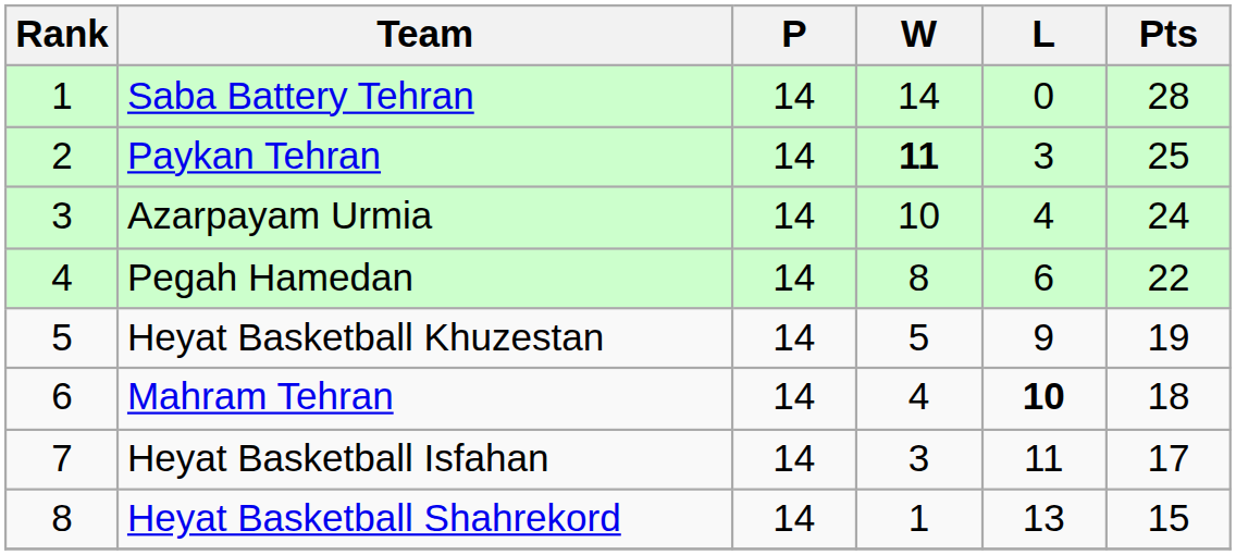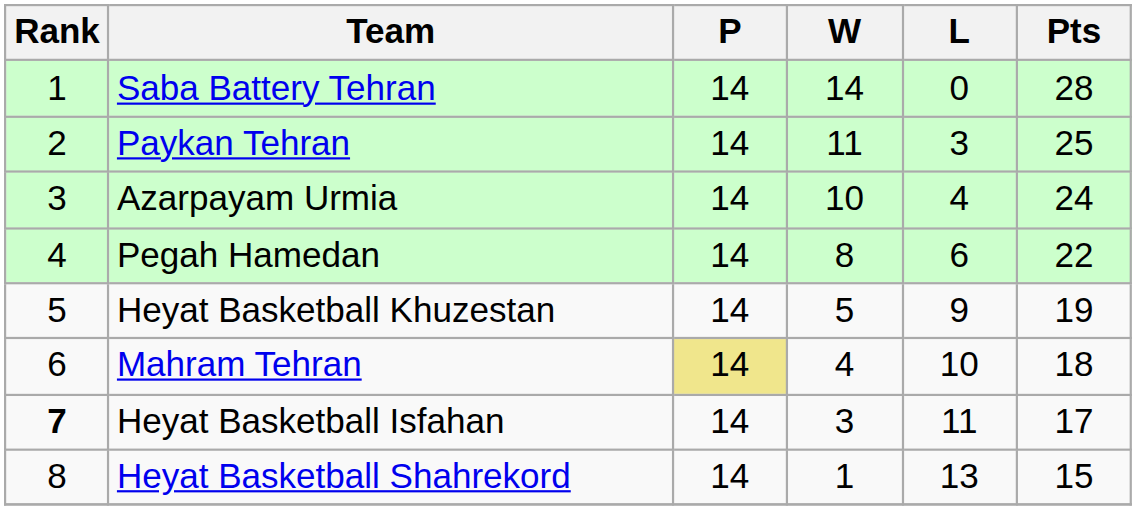 <table class="wikitable" style="text-align: center;">
 <tr>
 <th width=40>Rank</th>
 <th width=250>Team</th>
 <th width=45>P</th>
 <th width=45>W</th>
 <th width=45>L</th>
 <th width=45>Pts</th>
 </tr>
 <tr bgcolor=ccffcc>
 <td>1</td>
 <td align="left"><a href='#'>Saba Battery Tehran</a></td>
 <td>14</td>
 <td>14</td>
 <td>0</td>
 <td>28</td>
 </tr>
 <tr bgcolor=ccffcc>
 <td>2</td>
 <td align="left"><a href='#'>Paykan Tehran</a></td>
 <td>14</td>
-<td><strong>11</strong></td>
+<td>11</td>
 <td>3</td>
 <td>25</td>
 </tr>
 <tr bgcolor=ccffcc>
 <td>3</td>
 <td align="left">Azarpayam Urmia</td>
 <td>14</td>
 <td>10</td>
 <td>4</td>
 <td>24</td>
 </tr>
 <tr bgcolor=ccffcc>
 <td>4</td>
 <td align="left">Pegah Hamedan</td>
 <td>14</td>
 <td>8</td>
 <td>6</td>
 <td>22</td>
 </tr>
 <tr>
 <td>5</td>
 <td align="left">Heyat Basketball Khuzestan</td>
 <td>14</td>
 <td>5</td>
 <td>9</td>
 <td>19</td>
 </tr>
 <tr>
 <td>6</td>
 <td align="left"><a href='#'>Mahram Tehran</a></td>
-<td>14</td>
+<td style="background: khaki;">14</td>
 <td>4</td>
-<td><strong>10</strong></td>
+<td>10</td>
 <td>18</td>
 </tr>
 <tr>
-<td>7</td>
+<td><strong>7</strong></td>
 <td align="left">Heyat Basketball Isfahan</td>
 <td>14</td>
 <td>3</td>
 <td>11</td>
 <td>17</td>
 </tr>
 <tr>
 <td>8</td>
 <td align="left"><a href='#'>Heyat Basketball Shahrekord</a></td>
 <td>14</td>
 <td>1</td>
 <td>13</td>
 <td>15</td>
 </tr>
 <tr>
 </tr>
 </table>
